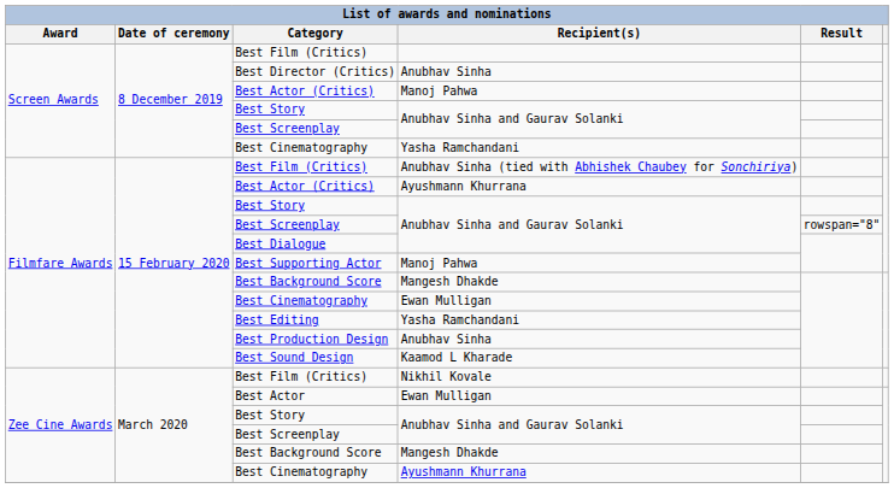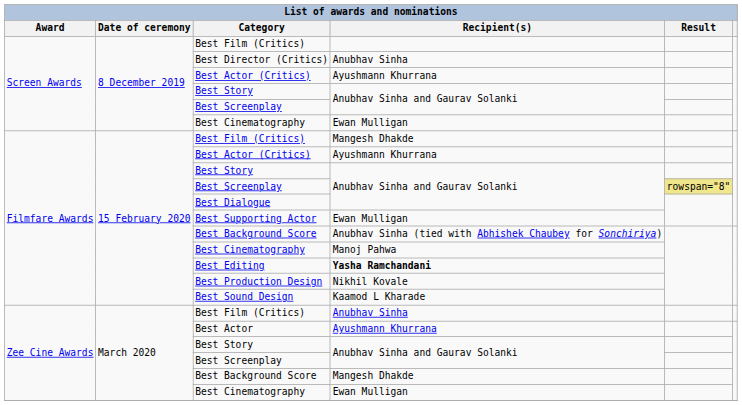 <table class="wikitable sortable" style="font-size:small">
 <tr style="background:#ccc; text-align:center;">
 <th colspan="6" style="background: LightSteelBlue;">List of awards and nominations</th>
 </tr>
 <tr style="background:#ccc; text-align:center;">
 <th>Award</th>
 <th>Date of ceremony</th>
 <th>Category</th>
 <th>Recipient(s)</th>
 <th>Result</th>
 <th class="unsortable"></th>
 </tr>
 <tr>
 <td rowspan="6"><a href='#'>Screen Awards</a></td>
 <td rowspan="6"><a href='#'>8 December 2019</a></td>
 <td>Best Film (Critics)</td>
 <td></td>
 <td></td>
 <td rowspan="6"></td>
 </tr>
 <tr>
 <td>Best Director (Critics)</td>
 <td>Anubhav Sinha</td>
 <td></td>
 </tr>
 <tr>
 <td><a href='#'>Best Actor (Critics)</a></td>
-<td>Manoj Pahwa</td>
+<td>Ayushmann Khurrana</td>
 <td></td>
 </tr>
 <tr>
 <td><a href='#'>Best Story</a></td>
 <td rowspan="2">Anubhav Sinha and Gaurav Solanki</td>
 <td></td>
 </tr>
 <tr>
 <td><a href='#'>Best Screenplay</a></td>
 <td></td>
 </tr>
 <tr>
 <td>Best Cinematography</td>
-<td>Yasha Ramchandani</td>
+<td Ewan Mulligan>Ewan Mulligan</td>
 <td></td>
 </tr>
 <tr>
 <td rowspan="11"><a href='#'>Filmfare Awards</a></td>
 <td rowspan="11"><a href='#'>15 February 2020</a></td>
 <td><a href='#'>Best Film (Critics)</a></td>
-<td>Anubhav Sinha (tied with <a href='#'>Abhishek Chaubey</a> for <em><a href='#'>Sonchiriya</a></em>)</td>
+<td>Mangesh Dhakde</td>
 <td></td>
 <td rowspan="6"></td>
 </tr>
 <tr>
 <td><a href='#'>Best Actor (Critics)</a></td>
 <td>Ayushmann Khurrana</td>
 <td></td>
 </tr>
 <tr>
 <td><a href='#'>Best Story</a></td>
 <td rowspan="3">Anubhav Sinha and Gaurav Solanki</td>
 <td></td>
 </tr>
 <tr>
 <td><a href='#'>Best Screenplay</a></td>
-<td>rowspan="8" </td>
+<td style="background: khaki;">rowspan="8" </td>
 </tr>
 <tr>
 <td><a href='#'>Best Dialogue</a></td>
 </tr>
 <tr>
 <td><a href='#'>Best Supporting Actor</a></td>
-<td>Manoj Pahwa</td>
+<td>Ewan Mulligan</td>
 </tr>
 <tr>
 <td><a href='#'>Best Background Score</a></td>
-<td>Mangesh Dhakde</td>
+<td>Anubhav Sinha (tied with <a href='#'>Abhishek Chaubey</a> for <em><a href='#'>Sonchiriya</a></em>)</td>
 <td rowspan="5"></td>
 </tr>
 <tr>
 <td><a href='#'>Best Cinematography</a></td>
-<td>Ewan Mulligan</td>
+<td>Manoj Pahwa</td>
 </tr>
 <tr>
 <td><a href='#'>Best Editing</a></td>
-<td>Yasha Ramchandani</td>
+<td><strong>Yasha Ramchandani</strong></td>
 </tr>
 <tr>
 <td><a href='#'>Best Production Design</a></td>
-<td>Anubhav Sinha</td>
+<td>Nikhil Kovale</td>
 </tr>
 <tr>
 <td><a href='#'>Best Sound Design</a></td>
 <td>Kaamod L Kharade</td>
 </tr>
 <tr>
 <td rowspan="6"><a href='#'>Zee Cine Awards</a></td>
 <td rowspan="6">March 2020</td>
 <td>Best Film (Critics)</td>
-<td>Nikhil Kovale</td>
+<td><a href='#'>Anubhav Sinha</a></td>
 <td></td>
 <td></td>
 </tr>
 <tr>
 <td>Best Actor</td>
-<td Ewan Mulligan>Ewan Mulligan</td>
+<td><a href='#'>Ayushmann Khurrana</a></td>
 <td></td>
 <td rowspan="5"></td>
 </tr>
 <tr>
 <td>Best Story</td>
 <td rowspan="2">Anubhav Sinha and Gaurav Solanki</td>
 <td></td>
 </tr>
 <tr>
 <td>Best Screenplay</td>
 <td></td>
 </tr>
 <tr>
 <td>Best Background Score</td>
 <td>Mangesh Dhakde</td>
 <td></td>
 </tr>
 <tr>
 <td>Best Cinematography</td>
-<td><a href='#'>Ayushmann Khurrana</a></td>
+<td Ewan Mulligan>Ewan Mulligan</td>
 <td></td>
 </tr>
 <tr>
 </tr>
 </table>
